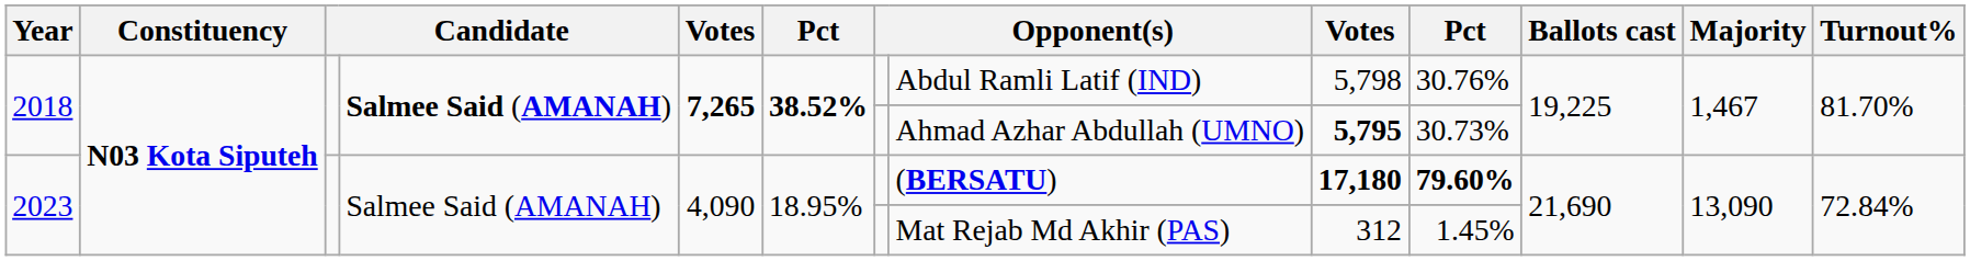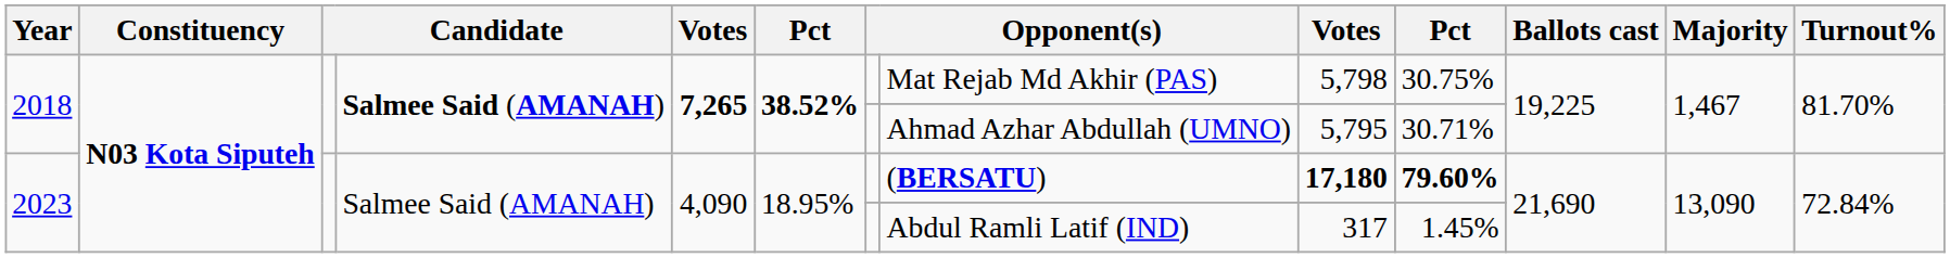 <table class="wikitable" style="margin:0.5em ; font-size:95%">
 <tr>
 <th>Year</th>
 <th>Constituency</th>
 <th colspan=2>Candidate</th>
 <th>Votes</th>
 <th>Pct</th>
 <th colspan=2>Opponent(s)</th>
 <th>Votes</th>
 <th>Pct</th>
 <th>Ballots cast</th>
 <th>Majority</th>
 <th>Turnout%</th>
 </tr>
 <tr>
 <td rowspan=2><a href='#'>2018</a></td>
 <td rowspan=4><strong>N03 <a href='#'>Kota Siputeh</a></strong></td>
 <td rowspan=2 ></td>
 <td rowspan=2><strong>Salmee Said</strong> (<a href='#'><strong>AMANAH</strong></a>)</td>
 <td rowspan=2 align="right"><strong>7,265</strong></td>
 <td rowspan=2><strong>38.52%</strong></td>
 <td></td>
-<td>Abdul Ramli Latif (<a href='#'>IND</a>)</td>
+<td>Mat Rejab Md Akhir (<a href='#'>PAS</a>)</td>
 <td align="right">5,798</td>
-<td>30.76%</td>
+<td>30.75%</td>
 <td rowspan=2>19,225</td>
 <td rowspan=2>1,467</td>
 <td rowspan=2>81.70%</td>
 </tr>
 <tr>
 <td></td>
 <td>Ahmad Azhar Abdullah (<a href='#'>UMNO</a>)</td>
-<td align="right"><strong>5,795</strong></td>
-<td>30.73%</td>
+<td align="right">5,795</td>
+<td>30.71%</td>
 </tr>
 <tr>
 <td rowspan=2><a href='#'>2023</a></td>
 <td rowspan=2 ></td>
 <td rowspan=2>Salmee Said (<a href='#'>AMANAH</a>)</td>
 <td rowspan=2 align=right>4,090</td>
 <td rowspan=2>18.95%</td>
 <td bgcolor=></td>
 <td> (<a href='#'><strong>BERSATU</strong></a>)</td>
 <td align=right><strong>17,180</strong></td>
 <td><strong>79.60%</strong></td>
 <td rowspan=2>21,690</td>
 <td rowspan=2>13,090</td>
 <td rowspan=2>72.84%</td>
 </tr>
 <tr>
 <td></td>
-<td>Mat Rejab Md Akhir (<a href='#'>PAS</a>)</td>
-<td align=right>312</td>
+<td>Abdul Ramli Latif (<a href='#'>IND</a>)</td>
+<td align=right>317</td>
 <td align=right>1.45%</td>
 </tr>
 </table>
